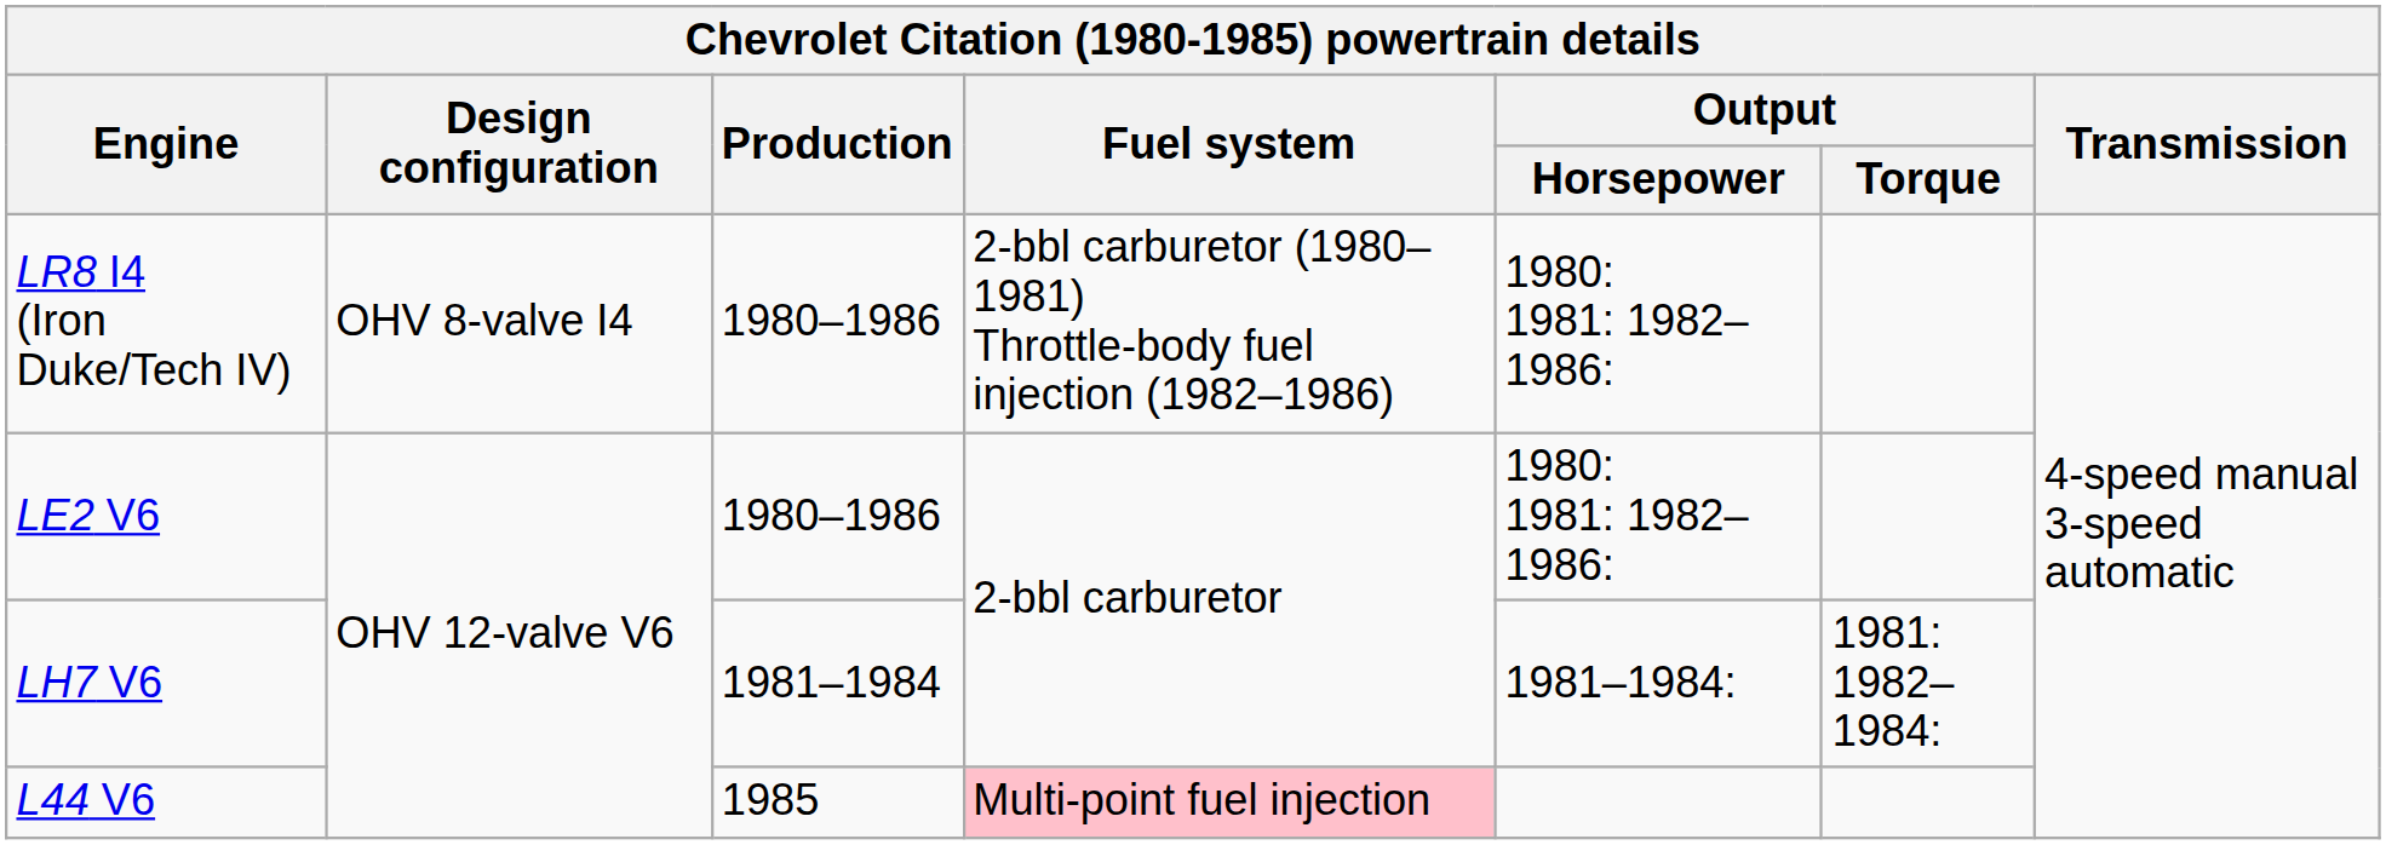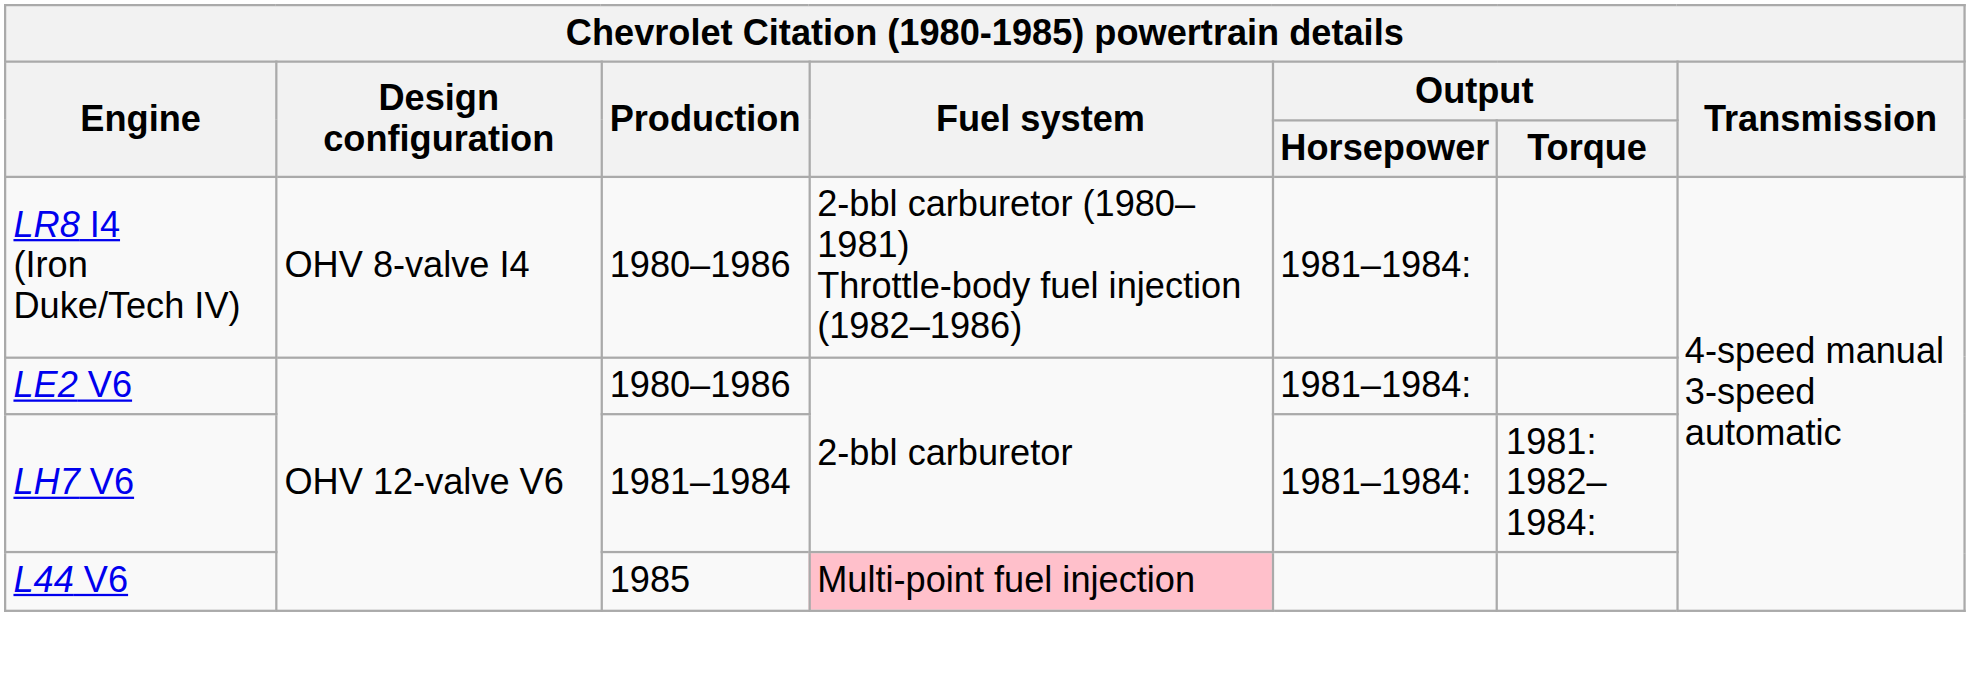 <table class="wikitable">
 <tr>
 <th colspan="7">Chevrolet Citation (1980-1985) powertrain details</th>
 </tr>
 <tr>
 <th rowspan="2">Engine</th>
 <th rowspan="2">Design configuration</th>
 <th rowspan="2">Production</th>
 <th rowspan="2">Fuel system</th>
 <th colspan="2">Output</th>
 <th rowspan="2">Transmission</th>
 </tr>
 <tr>
 <th>Horsepower</th>
 <th>Torque</th>
 </tr>
 <tr>
 <td><a href='#'><em>LR8</em> I4</a><br>(Iron Duke/Tech IV)</td>
 <td> OHV 8-valve I4</td>
 <td>1980–1986</td>
 <td>2-bbl carburetor (1980–1981)<br>Throttle-body fuel injection (1982–1986)</td>
-<td>1980: <br>1981:  1982–1986: </td>
+<td>1981–1984: </td>
 <td></td>
 <td rowspan="4">4-speed manual<br>3-speed automatic</td>
 </tr>
 <tr>
 <td><a href='#'><em>LE2</em> V6</a></td>
 <td rowspan="3"> OHV 12-valve V6</td>
 <td>1980–1986</td>
 <td rowspan="2">2-bbl carburetor</td>
-<td>1980: <br>1981:  1982–1986: </td>
+<td>1981–1984: </td>
 <td></td>
 </tr>
 <tr>
 <td><a href='#'><em>LH7</em> V6</a></td>
 <td>1981–1984</td>
 <td>1981–1984: </td>
 <td>1981: <br>1982–1984: </td>
 </tr>
 <tr>
 <td><a href='#'><em>L44</em> V6</a></td>
 <td>1985</td>
 <td style="background: pink;">Multi-point fuel injection</td>
 <td></td>
 <td></td>
 </tr>
 </table>
